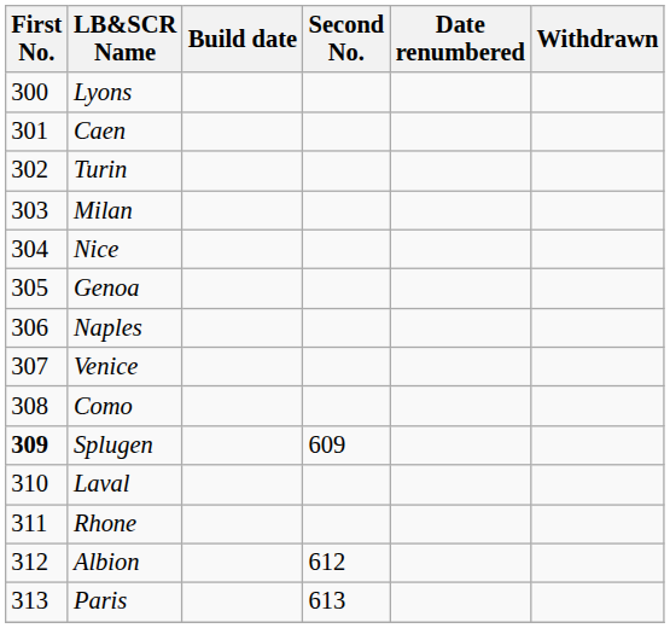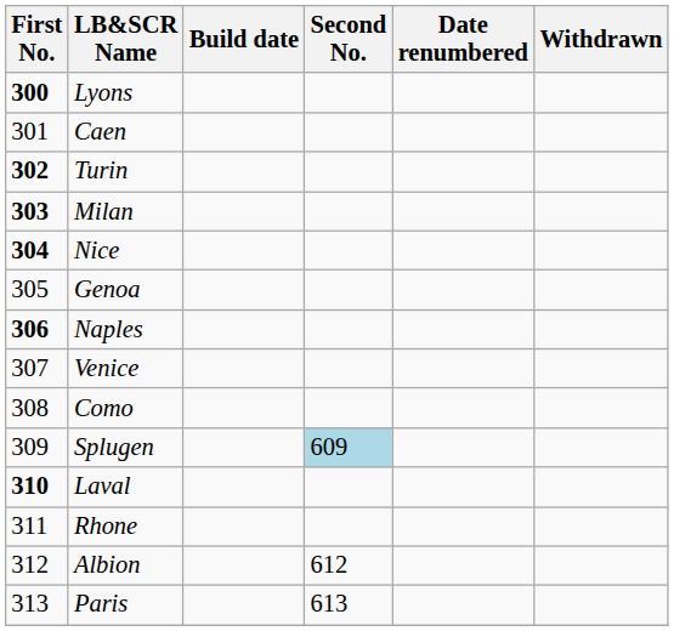 <table class="wikitable sortable">
 <tr>
 <th>First<br>No.</th>
 <th>LB&SCR<br>Name</th>
 <th>Build date</th>
 <th>Second<br>No.</th>
 <th>Date<br>renumbered</th>
 <th>Withdrawn</th>
 </tr>
 <tr>
-<td>300</td>
+<td><strong>300</strong></td>
 <td><em>Lyons</em></td>
 <td></td>
 <td></td>
 <td></td>
 <td></td>
 </tr>
 <tr>
 <td>301</td>
 <td><em>Caen</em></td>
 <td></td>
 <td></td>
 <td></td>
 <td></td>
 </tr>
 <tr>
-<td>302</td>
+<td><strong>302</strong></td>
 <td><em>Turin</em></td>
 <td></td>
 <td></td>
 <td></td>
 <td></td>
 </tr>
 <tr>
-<td>303</td>
+<td><strong>303</strong></td>
 <td><em>Milan</em></td>
 <td></td>
 <td></td>
 <td></td>
 <td></td>
 </tr>
 <tr>
-<td>304</td>
+<td><strong>304</strong></td>
 <td><em>Nice</em></td>
 <td></td>
 <td></td>
 <td></td>
 <td></td>
 </tr>
 <tr>
 <td>305</td>
 <td><em>Genoa</em></td>
 <td></td>
 <td></td>
 <td></td>
 <td></td>
 </tr>
 <tr>
-<td>306</td>
+<td><strong>306</strong></td>
 <td><em>Naples</em></td>
 <td></td>
 <td></td>
 <td></td>
 <td></td>
 </tr>
 <tr>
 <td>307</td>
 <td><em>Venice</em></td>
 <td></td>
 <td></td>
 <td></td>
 <td></td>
 </tr>
 <tr>
 <td>308</td>
 <td><em>Como</em></td>
 <td></td>
 <td></td>
 <td></td>
 <td></td>
 </tr>
 <tr>
-<td><strong>309</strong></td>
+<td>309</td>
 <td><em>Splugen</em></td>
 <td></td>
-<td>609</td>
+<td style="background: lightblue;">609</td>
 <td></td>
 <td></td>
 </tr>
 <tr>
-<td>310</td>
+<td><strong>310</strong></td>
 <td><em>Laval</em></td>
 <td></td>
 <td></td>
 <td></td>
 <td></td>
 </tr>
 <tr>
 <td>311</td>
 <td><em>Rhone</em></td>
 <td></td>
 <td></td>
 <td></td>
 <td></td>
 </tr>
 <tr>
 <td>312</td>
 <td><em>Albion</em></td>
 <td></td>
 <td>612</td>
 <td></td>
 <td></td>
 </tr>
 <tr>
 <td>313</td>
 <td><em>Paris</em></td>
 <td></td>
 <td>613</td>
 <td></td>
 <td></td>
 </tr>
 <tr>
 </tr>
 </table>
